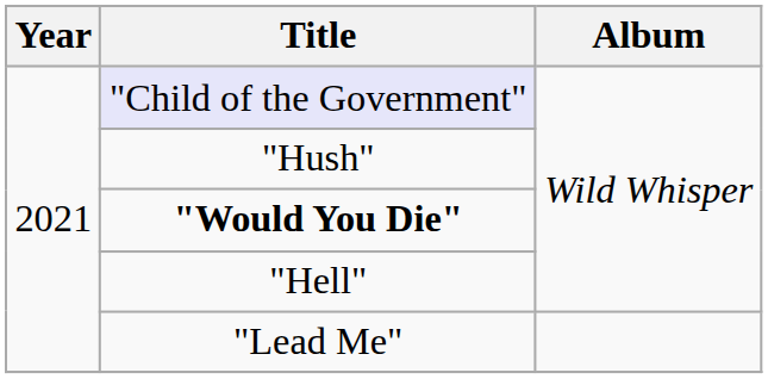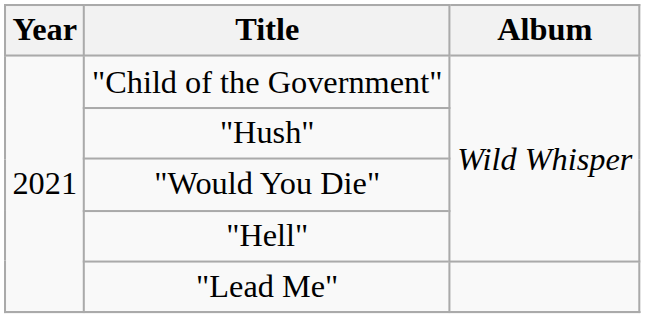 <table class="wikitable" style="text-align:center;">
 <tr>
 <th>Year</th>
 <th>Title</th>
 <th>Album</th>
 </tr>
 <tr>
 <td rowspan="5">2021</td>
-<td style="background: lavender;">"Child of the Government"</td>
+<td>"Child of the Government"</td>
 <td rowspan="4"><em>Wild Whisper</em></td>
 </tr>
 <tr>
 <td>"Hush"</td>
 </tr>
 <tr>
-<td><strong>"Would You Die"</strong></td>
+<td>"Would You Die"</td>
 </tr>
 <tr>
 <td>"Hell"</td>
 </tr>
 <tr>
 <td>"Lead Me"</td>
 <td></td>
 </tr>
 <tr>
 </tr>
 </table>
